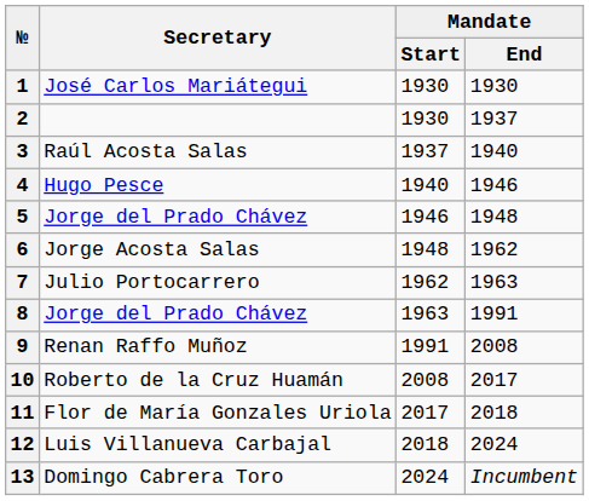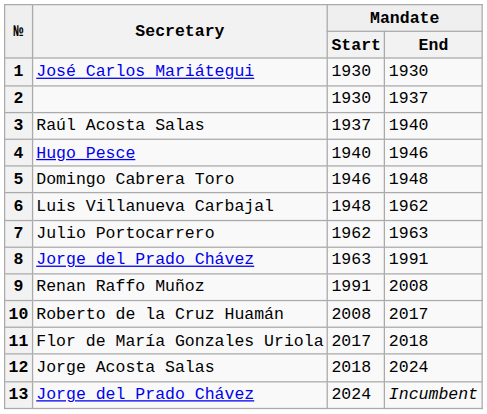 <table class="wikitable">
 <tr>
 <th style="background:#efefef;" rowspan="2">№</th>
 <th rowspan="2">Secretary</th>
 <th style="background:#efefef;" colspan="2">Mandate</th>
 </tr>
 <tr>
 <th>Start</th>
 <th>End</th>
 </tr>
 <tr>
 <th>1</th>
 <td><a href='#'>José Carlos Mariátegui</a></td>
 <td>1930</td>
 <td>1930</td>
 </tr>
 <tr>
 <th>2</th>
 <td></td>
 <td>1930</td>
 <td>1937</td>
 </tr>
 <tr>
 <th>3</th>
 <td>Raúl Acosta Salas</td>
 <td>1937</td>
 <td>1940</td>
 </tr>
 <tr>
 <th>4</th>
 <td><a href='#'>Hugo Pesce</a></td>
 <td>1940</td>
 <td>1946</td>
 </tr>
 <tr>
 <th>5</th>
-<td><a href='#'>Jorge del Prado Chávez</a></td>
+<td>Domingo Cabrera Toro</td>
 <td>1946</td>
 <td>1948</td>
 </tr>
 <tr>
 <th>6</th>
-<td>Jorge Acosta Salas</td>
+<td>Luis Villanueva Carbajal</td>
 <td>1948</td>
 <td>1962</td>
 </tr>
 <tr>
 <th>7</th>
 <td>Julio Portocarrero</td>
 <td>1962</td>
 <td>1963</td>
 </tr>
 <tr>
 <th>8</th>
 <td><a href='#'>Jorge del Prado Chávez</a></td>
 <td>1963</td>
 <td>1991</td>
 </tr>
 <tr>
 <th>9</th>
 <td>Renan Raffo Muñoz</td>
 <td>1991</td>
 <td>2008</td>
 </tr>
 <tr>
 <th>10</th>
 <td>Roberto de la Cruz Huamán</td>
 <td>2008</td>
 <td>2017</td>
 </tr>
 <tr>
 <th>11</th>
 <td>Flor de María Gonzales Uriola</td>
 <td>2017</td>
 <td>2018</td>
 </tr>
 <tr>
 <th>12</th>
-<td>Luis Villanueva Carbajal</td>
+<td>Jorge Acosta Salas</td>
 <td>2018</td>
 <td>2024</td>
 </tr>
 <tr>
 <th>13</th>
-<td>Domingo Cabrera Toro</td>
+<td><a href='#'>Jorge del Prado Chávez</a></td>
 <td>2024</td>
 <td><em>Incumbent</em></td>
 </tr>
 </table>
